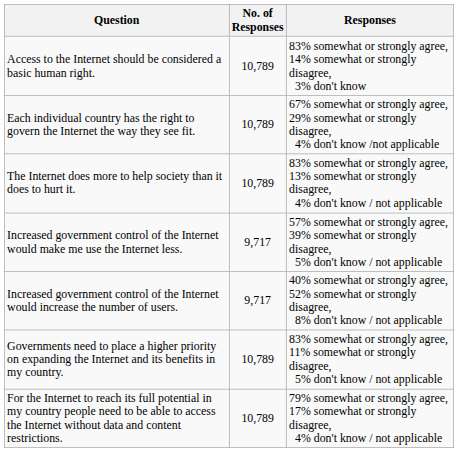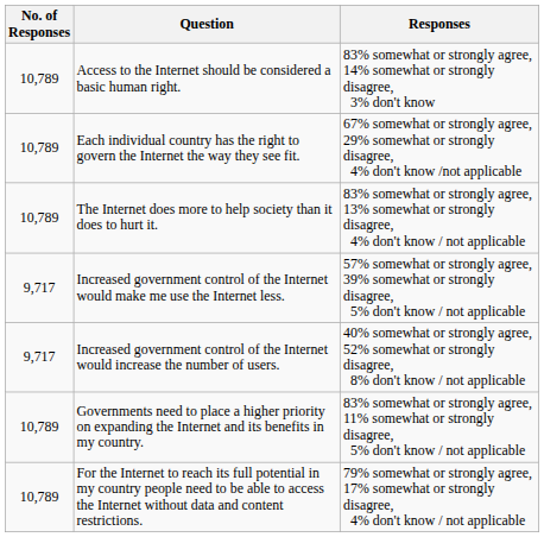 <table class= "wikitable">
 <tr>
+<th width="50">No. of Responses</th>
 <th width="50%">Question</th>
-<th width="50">No. of Responses</th>
 <th>Responses</th>
 </tr>
 <tr>
+<td align="center">10,789</td>
 <td>Access to the Internet should be considered a basic human right.</td>
-<td align="center">10,789</td>
 <td>83% somewhat or strongly agree,<br>14% somewhat or strongly disagree,<br>  3% don't know</td>
 </tr>
 <tr>
+<td align="center">10,789</td>
 <td>Each individual country has the right to govern the Internet the way they see fit.</td>
-<td align="center">10,789</td>
 <td>67% somewhat or strongly agree,<br>29% somewhat or strongly disagree,<br>  4% don't know /not applicable</td>
 </tr>
 <tr>
+<td align="center">10,789</td>
 <td>The Internet does more to help society than it does to hurt it.</td>
-<td align="center">10,789</td>
 <td>83% somewhat or strongly agree,<br>13% somewhat or strongly disagree,<br>  4% don't know / not applicable</td>
 </tr>
 <tr>
+<td align="center">9,717</td>
 <td>Increased government control of the Internet would make me use the Internet less.</td>
-<td align="center">9,717</td>
 <td>57% somewhat or strongly agree,<br>39% somewhat or strongly disagree,<br>  5% don't know / not applicable</td>
 </tr>
 <tr>
+<td align="center">9,717</td>
 <td>Increased government control of the Internet would increase the number of users.</td>
-<td align="center">9,717</td>
 <td>40% somewhat or strongly agree,<br>52% somewhat or strongly disagree,<br>  8% don't know / not applicable</td>
 </tr>
 <tr>
+<td align="center">10,789</td>
 <td>Governments need to place a higher priority on expanding the Internet and its benefits in my country.</td>
-<td align="center">10,789</td>
 <td>83% somewhat or strongly agree,<br>11% somewhat or strongly disagree,<br>  5% don't know / not applicable</td>
 </tr>
 <tr>
+<td align="center">10,789</td>
 <td>For the Internet to reach its full potential in my country people need to be able to access the Internet without data and content restrictions.</td>
-<td align="center">10,789</td>
 <td>79% somewhat or strongly agree,<br>17% somewhat or strongly disagree,<br>  4% don't know / not applicable</td>
 </tr>
 </table>
